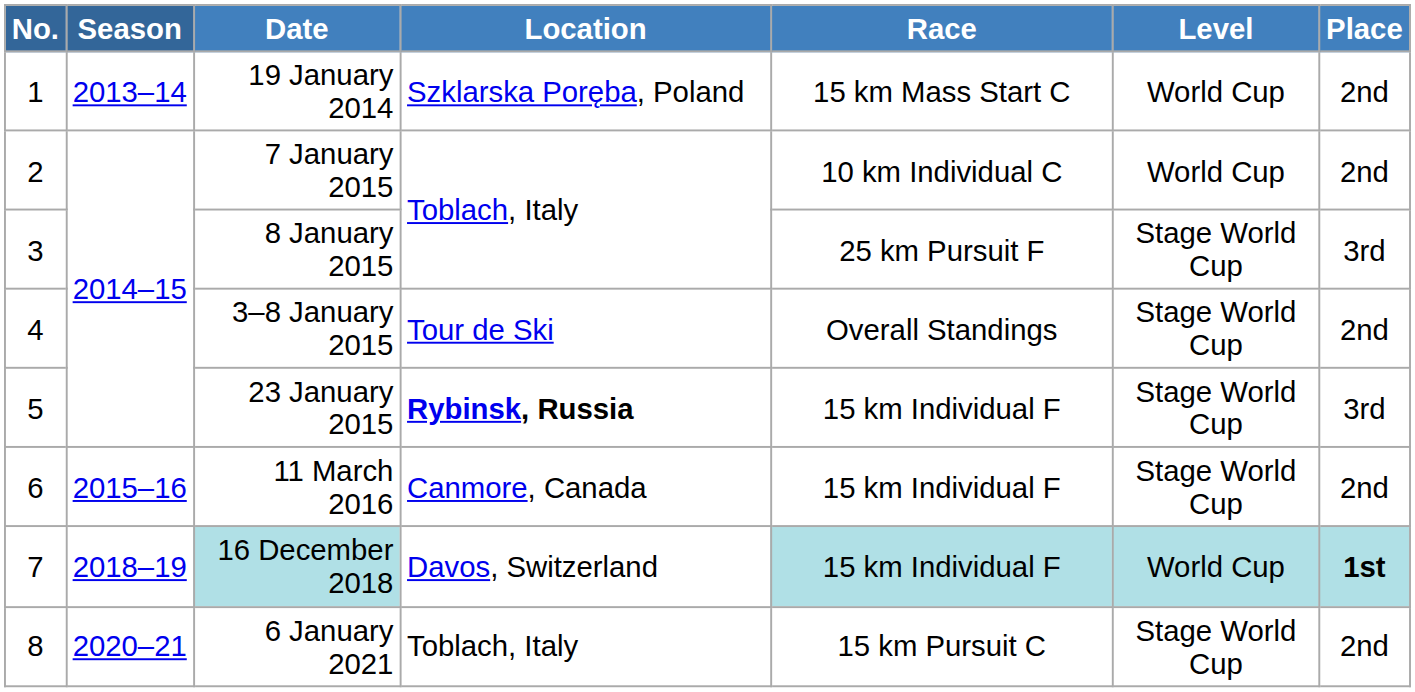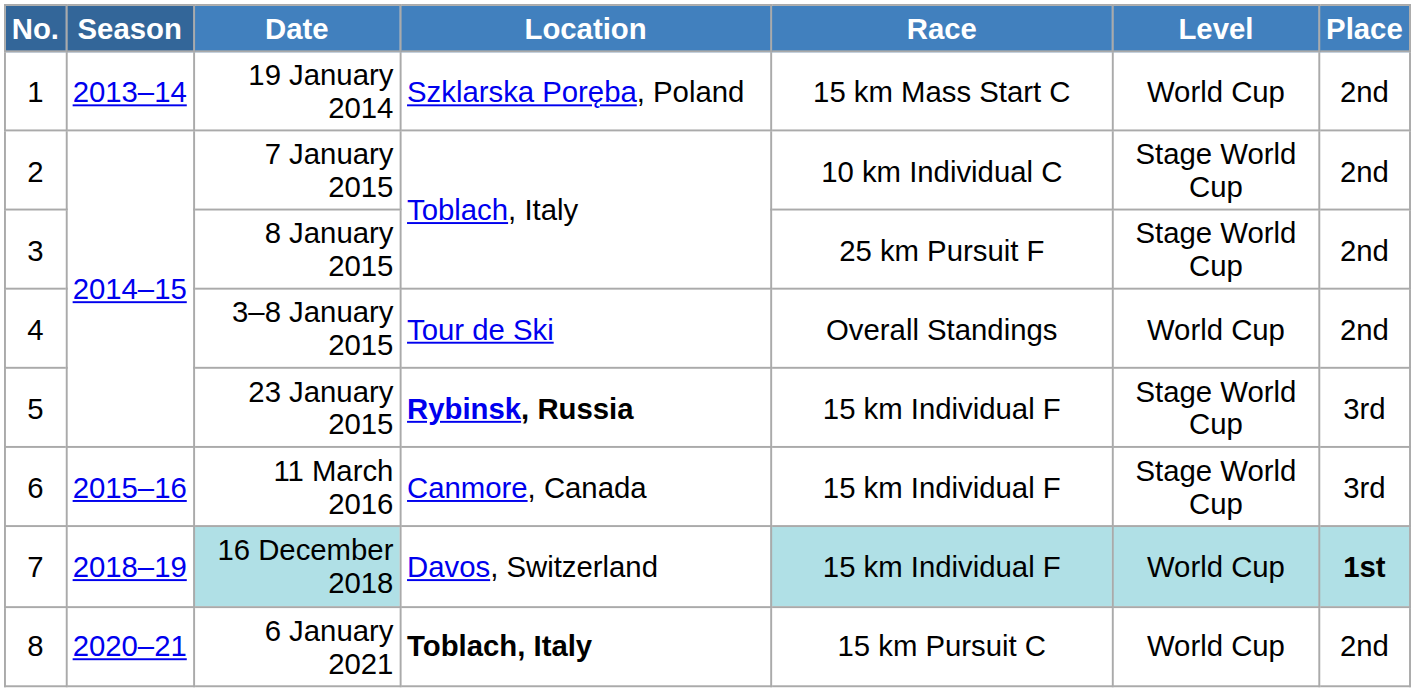 <table class="wikitable sortable" style="font-size:95%; text-align:center; border:grey solid 1px; border-collapse:collapse; background:#ffffff;">
 <tr style="background:#efefef;">
 <th style="background-color:#369; color:white;">No.</th>
 <th style="background-color:#369; color:white;">Season</th>
 <th style="background-color:#4180be; color:white; width:100px;">Date</th>
 <th style="background-color:#4180be; color:white; width:185px;">Location</th>
 <th style="background-color:#4180be; color:white; width:170px;">Race</th>
 <th style="background-color:#4180be; color:white; width:100px;">Level</th>
 <th style="background-color:#4180be; color:white;">Place</th>
 </tr>
 <tr>
 <td align=center>1</td>
 <td rowspan=1 align=center><a href='#'>2013–14</a></td>
 <td align=right>19 January 2014</td>
 <td align=left> <a href='#'>Szklarska Poręba</a>, Poland</td>
 <td>15 km Mass Start C</td>
 <td>World Cup</td>
 <td>2nd</td>
 </tr>
 <tr>
 <td align=center>2</td>
 <td rowspan=4 align=center><a href='#'>2014–15</a></td>
 <td align=right>7 January 2015</td>
 <td rowspan=2 align=left> <a href='#'>Toblach</a>, Italy</td>
 <td>10 km Individual C</td>
-<td>World Cup</td>
+<td>Stage World Cup</td>
 <td>2nd</td>
 </tr>
 <tr>
 <td align=center>3</td>
 <td align=right>8 January 2015</td>
 <td>25 km Pursuit F</td>
 <td>Stage World Cup</td>
-<td>3rd</td>
+<td>2nd</td>
 </tr>
 <tr>
 <td align=center>4</td>
 <td align=right>3–8 January 2015</td>
 <td align=left> <a href='#'>Tour de Ski</a></td>
 <td>Overall Standings</td>
-<td>Stage World Cup</td>
+<td>World Cup</td>
 <td>2nd</td>
 </tr>
 <tr>
 <td align=center>5</td>
 <td align=right>23 January 2015</td>
 <td align=left><strong> <a href='#'>Rybinsk</a>, Russia</strong></td>
 <td>15 km Individual F</td>
 <td>Stage World Cup</td>
 <td>3rd</td>
 </tr>
 <tr>
 <td align=center>6</td>
 <td rowspan=1 align=center><a href='#'>2015–16</a></td>
 <td align=right>11 March 2016</td>
 <td align=left> <a href='#'>Canmore</a>, Canada</td>
 <td>15 km Individual F</td>
 <td>Stage World Cup</td>
-<td>2nd</td>
+<td>3rd</td>
 </tr>
 <tr>
 <td align=center>7</td>
 <td rowspan=1 align=center><a href='#'>2018–19</a></td>
 <td bgcolor="#BOEOE6" align=right>16 December 2018</td>
 <td align=left> <a href='#'>Davos</a>, Switzerland</td>
 <td bgcolor="#BOEOE6">15 km Individual F</td>
 <td bgcolor="#BOEOE6">World Cup</td>
 <td bgcolor="#BOEOE6"><strong>1st</strong></td>
 </tr>
 <tr>
 <td align=center>8</td>
 <td rowspan=1 align=center><a href='#'>2020–21</a></td>
 <td align=right>6 January 2021</td>
-<td align=left> Toblach, Italy</td>
+<td align=left><strong> Toblach, Italy</strong></td>
 <td>15 km Pursuit C</td>
-<td>Stage World Cup</td>
+<td>World Cup</td>
 <td>2nd</td>
 </tr>
 </table>
